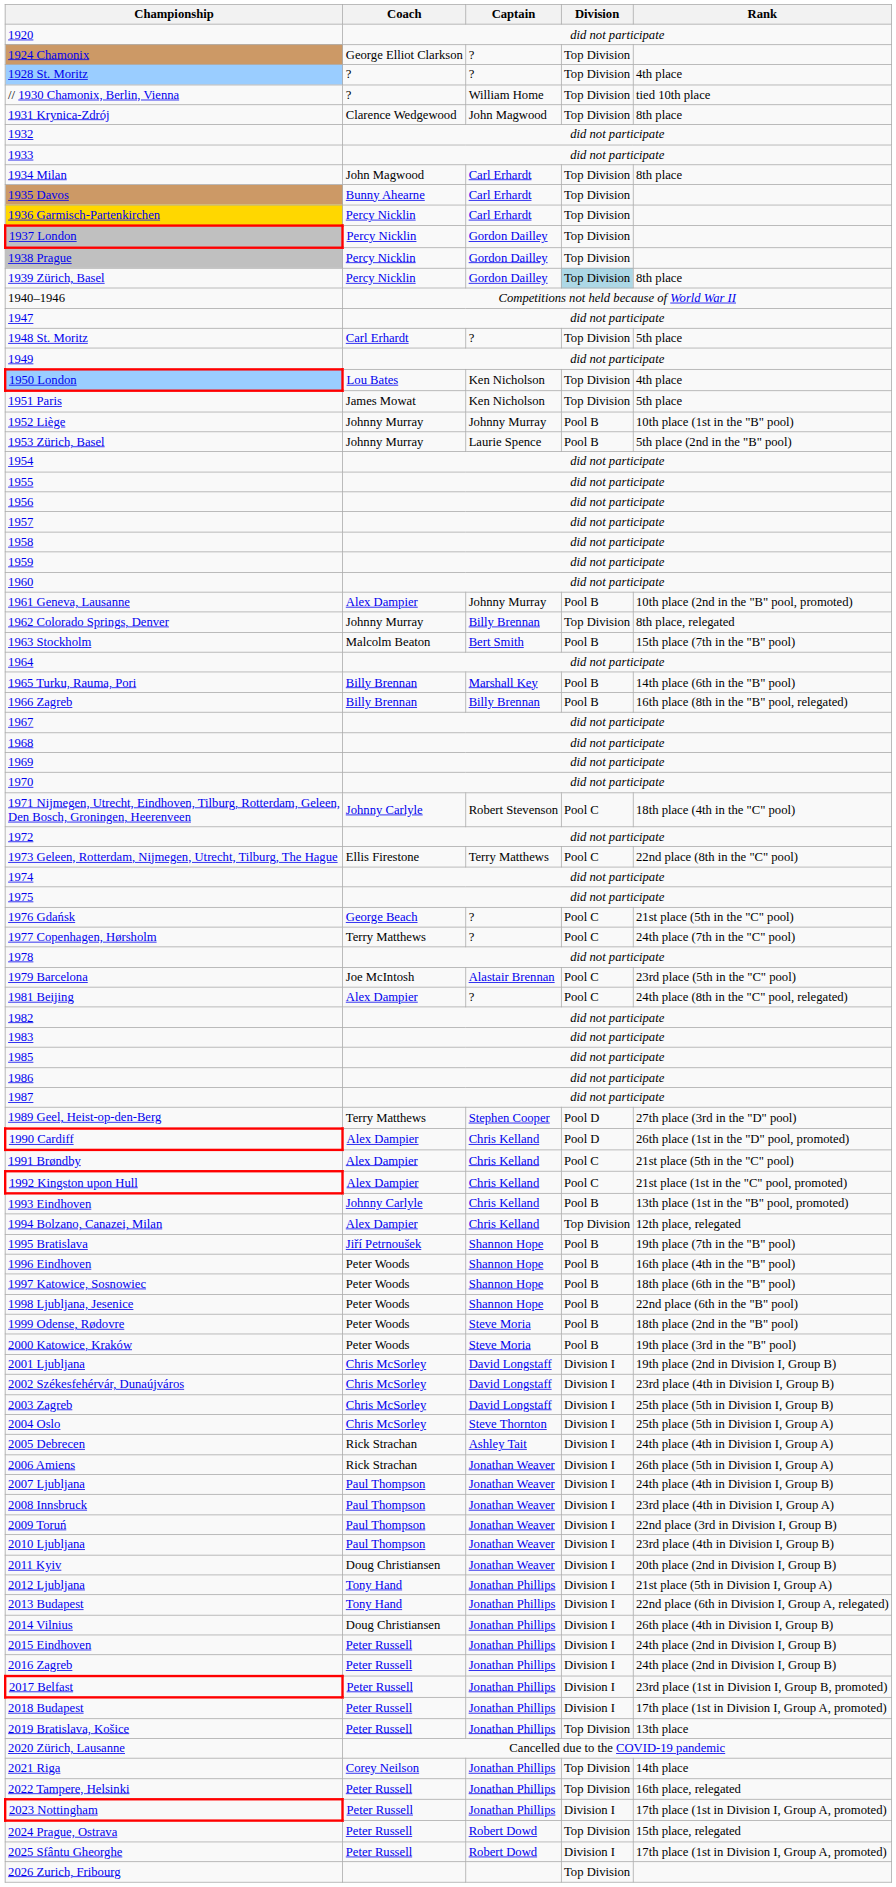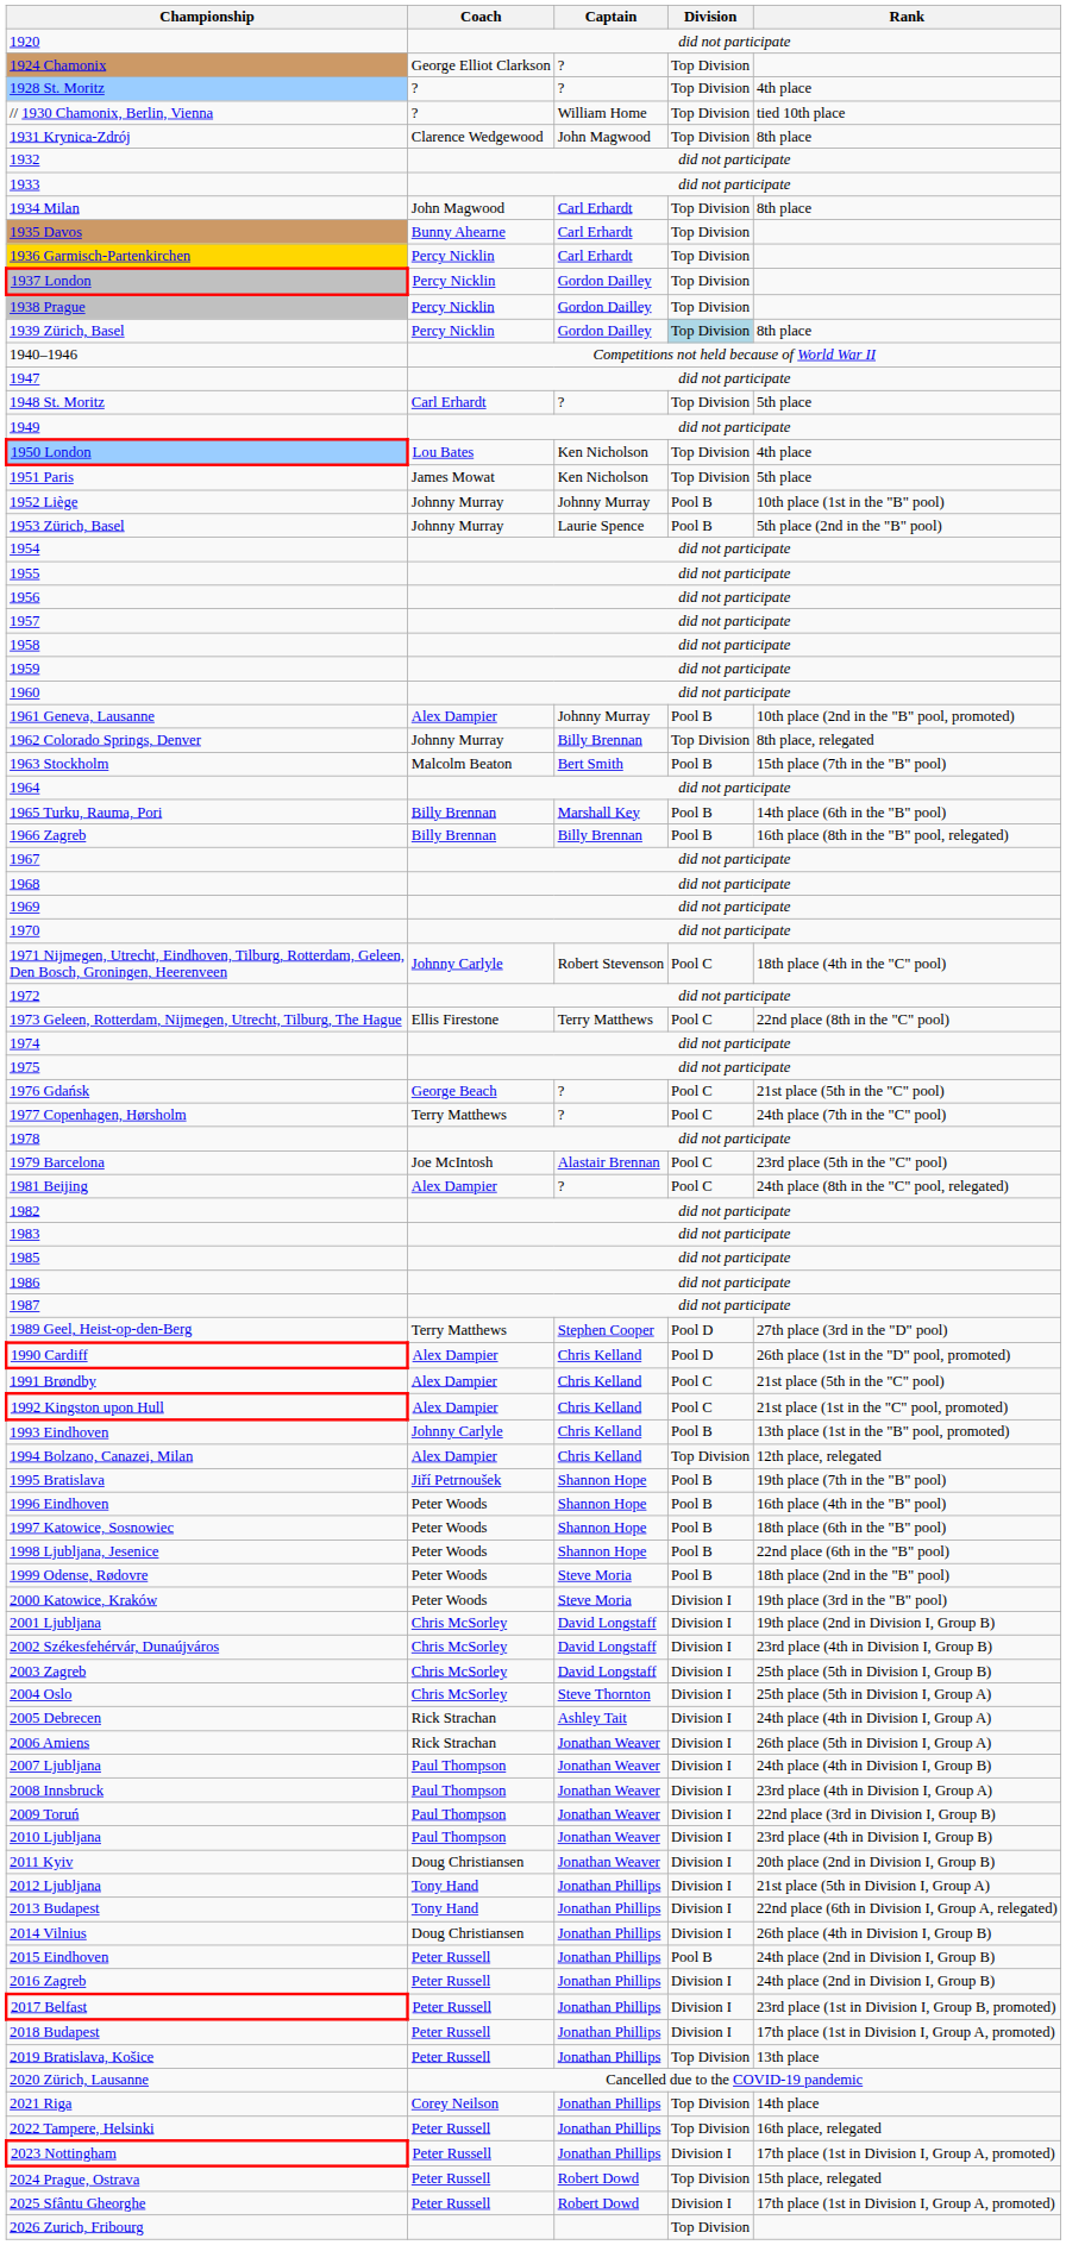 <table class="wikitable sortable">
 <tr>
 <th>Championship</th>
 <th>Coach</th>
 <th>Captain</th>
 <th>Division</th>
 <th>Rank</th>
 </tr>
 <tr>
 <td><a href='#'>1920</a></td>
 <td colspan=4 align="center"><em>did not participate</em></td>
 </tr>
 <tr>
 <td style="background:#c96;"> <a href='#'>1924 Chamonix</a></td>
 <td>George Elliot Clarkson</td>
 <td>?</td>
 <td>Top Division</td>
 <td></td>
 </tr>
 <tr>
 <td style="background:#9acdff;"> <a href='#'>1928 St. Moritz</a></td>
 <td>?</td>
 <td>?</td>
 <td>Top Division</td>
 <td>4th place</td>
 </tr>
 <tr>
 <td>// <a href='#'>1930 Chamonix, Berlin, Vienna</a></td>
 <td>?</td>
 <td>William Home</td>
 <td>Top Division</td>
 <td>tied 10th place</td>
 </tr>
 <tr>
 <td> <a href='#'>1931 Krynica-Zdrój</a></td>
 <td>Clarence Wedgewood</td>
 <td>John Magwood</td>
 <td>Top Division</td>
 <td>8th place</td>
 </tr>
 <tr>
 <td><a href='#'>1932</a></td>
 <td colspan=4 align="center"><em>did not participate</em></td>
 </tr>
 <tr>
 <td><a href='#'>1933</a></td>
 <td colspan=4 align="center"><em>did not participate</em></td>
 </tr>
 <tr>
 <td> <a href='#'>1934 Milan</a></td>
 <td>John Magwood</td>
 <td><a href='#'>Carl Erhardt</a></td>
 <td>Top Division</td>
 <td>8th place</td>
 </tr>
 <tr>
 <td style="background:#c96;"> <a href='#'>1935 Davos</a></td>
 <td><a href='#'>Bunny Ahearne</a></td>
 <td><a href='#'>Carl Erhardt</a></td>
 <td>Top Division</td>
 <td></td>
 </tr>
 <tr>
 <td bgcolor=gold> <a href='#'>1936 Garmisch-Partenkirchen</a></td>
 <td><a href='#'>Percy Nicklin</a></td>
 <td><a href='#'>Carl Erhardt</a></td>
 <td>Top Division</td>
 <td></td>
 </tr>
 <tr>
 <td style="border:3px solid red;background:#C0C0C0;"> <a href='#'>1937 London</a></td>
 <td><a href='#'>Percy Nicklin</a></td>
 <td><a href='#'>Gordon Dailley</a></td>
 <td>Top Division</td>
 <td></td>
 </tr>
 <tr>
 <td style="background:silver;"> <a href='#'>1938 Prague</a></td>
 <td><a href='#'>Percy Nicklin</a></td>
 <td><a href='#'>Gordon Dailley</a></td>
 <td>Top Division</td>
 <td></td>
 </tr>
 <tr>
 <td> <a href='#'>1939 Zürich, Basel</a></td>
 <td><a href='#'>Percy Nicklin</a></td>
 <td><a href='#'>Gordon Dailley</a></td>
 <td style="background: lightblue;">Top Division</td>
 <td>8th place</td>
 </tr>
 <tr>
 <td>1940–1946</td>
 <td colspan=4 align="center"><em>Competitions not held because of <a href='#'>World War II</a></em></td>
 </tr>
 <tr>
 <td><a href='#'>1947</a></td>
 <td colspan=4 align="center"><em>did not participate</em></td>
 </tr>
 <tr>
 <td> <a href='#'>1948 St. Moritz</a></td>
 <td><a href='#'>Carl Erhardt</a></td>
 <td>?</td>
 <td>Top Division</td>
 <td>5th place</td>
 </tr>
 <tr>
 <td><a href='#'>1949</a></td>
 <td colspan=4 align="center"><em>did not participate</em></td>
 </tr>
 <tr>
 <td style="border:3px solid red;background:#9acdff;"> <a href='#'>1950 London</a></td>
 <td><a href='#'>Lou Bates</a></td>
 <td>Ken Nicholson</td>
 <td>Top Division</td>
 <td>4th place</td>
 </tr>
 <tr>
 <td> <a href='#'>1951 Paris</a></td>
 <td>James Mowat</td>
 <td>Ken Nicholson</td>
 <td>Top Division</td>
 <td>5th place</td>
 </tr>
 <tr>
 <td> <a href='#'>1952 Liège</a></td>
 <td>Johnny Murray</td>
 <td>Johnny Murray</td>
 <td>Pool B</td>
 <td>10th place (1st in the "B" pool)</td>
 </tr>
 <tr>
 <td> <a href='#'>1953 Zürich, Basel</a></td>
 <td>Johnny Murray</td>
 <td>Laurie Spence</td>
 <td>Pool B</td>
 <td>5th place (2nd in the "B" pool)</td>
 </tr>
 <tr>
 <td><a href='#'>1954</a></td>
 <td colspan=4 align="center"><em>did not participate</em></td>
 </tr>
 <tr>
 <td><a href='#'>1955</a></td>
 <td colspan=4 align="center"><em>did not participate</em></td>
 </tr>
 <tr>
 <td><a href='#'>1956</a></td>
 <td colspan=4 align="center"><em>did not participate</em></td>
 </tr>
 <tr>
 <td><a href='#'>1957</a></td>
 <td colspan=4 align="center"><em>did not participate</em></td>
 </tr>
 <tr>
 <td><a href='#'>1958</a></td>
 <td colspan=4 align="center"><em>did not participate</em></td>
 </tr>
 <tr>
 <td><a href='#'>1959</a></td>
 <td colspan=4 align="center"><em>did not participate</em></td>
 </tr>
 <tr>
 <td><a href='#'>1960</a></td>
 <td colspan=4 align="center"><em>did not participate</em></td>
 </tr>
 <tr>
 <td> <a href='#'>1961 Geneva, Lausanne</a></td>
 <td><a href='#'>Alex Dampier</a></td>
 <td>Johnny Murray</td>
 <td>Pool B</td>
 <td>10th place (2nd in the "B" pool, promoted)</td>
 </tr>
 <tr>
 <td> <a href='#'>1962 Colorado Springs, Denver</a></td>
 <td>Johnny Murray</td>
 <td><a href='#'>Billy Brennan</a></td>
 <td>Top Division</td>
 <td>8th place, relegated</td>
 </tr>
 <tr>
 <td> <a href='#'>1963 Stockholm</a></td>
 <td>Malcolm Beaton</td>
 <td><a href='#'>Bert Smith</a></td>
 <td>Pool B</td>
 <td>15th place (7th in the "B" pool)</td>
 </tr>
 <tr>
 <td><a href='#'>1964</a></td>
 <td colspan=4 align="center"><em>did not participate</em></td>
 </tr>
 <tr>
 <td> <a href='#'>1965 Turku, Rauma, Pori</a></td>
 <td><a href='#'>Billy Brennan</a></td>
 <td><a href='#'>Marshall Key</a></td>
 <td>Pool B</td>
 <td>14th place (6th in the "B" pool)</td>
 </tr>
 <tr>
 <td> <a href='#'>1966 Zagreb</a></td>
 <td><a href='#'>Billy Brennan</a></td>
 <td><a href='#'>Billy Brennan</a></td>
 <td>Pool B</td>
 <td>16th place (8th in the "B" pool, relegated)</td>
 </tr>
 <tr>
 <td><a href='#'>1967</a></td>
 <td colspan=4 align="center"><em>did not participate</em></td>
 </tr>
 <tr>
 <td><a href='#'>1968</a></td>
 <td colspan=4 align="center"><em>did not participate</em></td>
 </tr>
 <tr>
 <td><a href='#'>1969</a></td>
 <td colspan=4 align="center"><em>did not participate</em></td>
 </tr>
 <tr>
 <td><a href='#'>1970</a></td>
 <td colspan=4 align="center"><em>did not participate</em></td>
 </tr>
 <tr>
 <td> <a href='#'>1971 Nijmegen, Utrecht, Eindhoven, Tilburg, Rotterdam, Geleen,<br>Den Bosch, Groningen, Heerenveen</a></td>
 <td><a href='#'>Johnny Carlyle</a></td>
 <td>Robert Stevenson</td>
 <td>Pool C</td>
 <td>18th place (4th in the "C" pool)</td>
 </tr>
 <tr>
 <td><a href='#'>1972</a></td>
 <td colspan=4 align="center"><em>did not participate</em></td>
 </tr>
 <tr>
 <td> <a href='#'>1973 Geleen, Rotterdam, Nijmegen, Utrecht, Tilburg, The Hague</a></td>
 <td>Ellis Firestone</td>
 <td>Terry Matthews</td>
 <td>Pool C</td>
 <td>22nd place (8th in the "C" pool)</td>
 </tr>
 <tr>
 <td><a href='#'>1974</a></td>
 <td colspan=4 align="center"><em>did not participate</em></td>
 </tr>
 <tr>
 <td><a href='#'>1975</a></td>
 <td colspan=4 align="center"><em>did not participate</em></td>
 </tr>
 <tr>
 <td> <a href='#'>1976 Gdańsk</a></td>
 <td><a href='#'>George Beach</a></td>
 <td>?</td>
 <td>Pool C</td>
 <td>21st place (5th in the "C" pool)</td>
 </tr>
 <tr>
 <td> <a href='#'>1977 Copenhagen, Hørsholm</a></td>
 <td>Terry Matthews</td>
 <td>?</td>
 <td>Pool C</td>
 <td>24th place (7th in the "C" pool)</td>
 </tr>
 <tr>
 <td><a href='#'>1978</a></td>
 <td colspan=4 align="center"><em>did not participate</em></td>
 </tr>
 <tr>
 <td> <a href='#'>1979 Barcelona</a></td>
 <td>Joe McIntosh</td>
 <td><a href='#'>Alastair Brennan</a></td>
 <td>Pool C</td>
 <td>23rd place (5th in the "C" pool)</td>
 </tr>
 <tr>
 <td> <a href='#'>1981 Beijing</a></td>
 <td><a href='#'>Alex Dampier</a></td>
 <td>?</td>
 <td>Pool C</td>
 <td>24th place (8th in the "C" pool, relegated)</td>
 </tr>
 <tr>
 <td><a href='#'>1982</a></td>
 <td colspan=4 align="center"><em>did not participate</em></td>
 </tr>
 <tr>
 <td><a href='#'>1983</a></td>
 <td colspan=4 align="center"><em>did not participate</em></td>
 </tr>
 <tr>
 <td><a href='#'>1985</a></td>
 <td colspan=4 align="center"><em>did not participate</em></td>
 </tr>
 <tr>
 <td><a href='#'>1986</a></td>
 <td colspan=4 align="center"><em>did not participate</em></td>
 </tr>
 <tr>
 <td><a href='#'>1987</a></td>
 <td colspan=4 align="center"><em>did not participate</em></td>
 </tr>
 <tr>
 <td> <a href='#'>1989 Geel, Heist-op-den-Berg</a></td>
 <td>Terry Matthews</td>
 <td><a href='#'>Stephen Cooper</a></td>
 <td>Pool D</td>
 <td>27th place (3rd in the "D" pool)</td>
 </tr>
 <tr>
 <td style="border:3px solid red;"> <a href='#'>1990 Cardiff</a></td>
 <td><a href='#'>Alex Dampier</a></td>
 <td><a href='#'>Chris Kelland</a></td>
 <td>Pool D</td>
 <td>26th place (1st in the "D" pool, promoted)</td>
 </tr>
 <tr>
 <td> <a href='#'>1991 Brøndby</a></td>
 <td><a href='#'>Alex Dampier</a></td>
 <td><a href='#'>Chris Kelland</a></td>
 <td>Pool C</td>
 <td>21st place (5th in the "C" pool)</td>
 </tr>
 <tr>
 <td style="border:3px solid red;"> <a href='#'>1992 Kingston upon Hull</a></td>
 <td><a href='#'>Alex Dampier</a></td>
 <td><a href='#'>Chris Kelland</a></td>
 <td>Pool C</td>
 <td>21st place (1st in the "C" pool, promoted)</td>
 </tr>
 <tr>
 <td> <a href='#'>1993 Eindhoven</a></td>
 <td><a href='#'>Johnny Carlyle</a></td>
 <td><a href='#'>Chris Kelland</a></td>
 <td>Pool B</td>
 <td>13th place (1st in the "B" pool, promoted)</td>
 </tr>
 <tr>
 <td> <a href='#'>1994 Bolzano, Canazei, Milan</a></td>
 <td><a href='#'>Alex Dampier</a></td>
 <td><a href='#'>Chris Kelland</a></td>
 <td>Top Division</td>
 <td>12th place, relegated</td>
 </tr>
 <tr>
 <td> <a href='#'>1995 Bratislava</a></td>
 <td><a href='#'>Jiří Petrnoušek</a></td>
 <td><a href='#'>Shannon Hope</a></td>
 <td>Pool B</td>
 <td>19th place (7th in the "B" pool)</td>
 </tr>
 <tr>
 <td> <a href='#'>1996 Eindhoven</a></td>
 <td>Peter Woods</td>
 <td><a href='#'>Shannon Hope</a></td>
 <td>Pool B</td>
 <td>16th place (4th in the "B" pool)</td>
 </tr>
 <tr>
 <td> <a href='#'>1997 Katowice, Sosnowiec</a></td>
 <td>Peter Woods</td>
 <td><a href='#'>Shannon Hope</a></td>
 <td>Pool B</td>
 <td>18th place (6th in the "B" pool)</td>
 </tr>
 <tr>
 <td> <a href='#'>1998 Ljubljana, Jesenice</a></td>
 <td>Peter Woods</td>
 <td><a href='#'>Shannon Hope</a></td>
 <td>Pool B</td>
 <td>22nd place (6th in the "B" pool)</td>
 </tr>
 <tr>
 <td> <a href='#'>1999 Odense, Rødovre</a></td>
 <td>Peter Woods</td>
 <td><a href='#'>Steve Moria</a></td>
 <td>Pool B</td>
 <td>18th place (2nd in the "B" pool)</td>
 </tr>
 <tr>
 <td> <a href='#'>2000 Katowice, Kraków</a></td>
 <td>Peter Woods</td>
 <td><a href='#'>Steve Moria</a></td>
-<td>Pool B</td>
+<td>Division I</td>
 <td>19th place (3rd in the "B" pool)</td>
 </tr>
 <tr>
 <td> <a href='#'>2001 Ljubljana</a></td>
 <td><a href='#'>Chris McSorley</a></td>
 <td><a href='#'>David Longstaff</a></td>
 <td>Division I</td>
 <td>19th place (2nd in Division I, Group B)</td>
 </tr>
 <tr>
 <td> <a href='#'>2002 Székesfehérvár, Dunaújváros</a></td>
 <td><a href='#'>Chris McSorley</a></td>
 <td><a href='#'>David Longstaff</a></td>
 <td>Division I</td>
 <td>23rd place (4th in Division I, Group B)</td>
 </tr>
 <tr>
 <td> <a href='#'>2003 Zagreb</a></td>
 <td><a href='#'>Chris McSorley</a></td>
 <td><a href='#'>David Longstaff</a></td>
 <td>Division I</td>
 <td>25th place (5th in Division I, Group B)</td>
 </tr>
 <tr>
 <td> <a href='#'>2004 Oslo</a></td>
 <td><a href='#'>Chris McSorley</a></td>
 <td><a href='#'>Steve Thornton</a></td>
 <td>Division I</td>
 <td>25th place (5th in Division I, Group A)</td>
 </tr>
 <tr>
 <td> <a href='#'>2005 Debrecen</a></td>
 <td>Rick Strachan</td>
 <td><a href='#'>Ashley Tait</a></td>
 <td>Division I</td>
 <td>24th place (4th in Division I, Group A)</td>
 </tr>
 <tr>
 <td> <a href='#'>2006 Amiens</a></td>
 <td>Rick Strachan</td>
 <td><a href='#'>Jonathan Weaver</a></td>
 <td>Division I</td>
 <td>26th place (5th in Division I, Group A)</td>
 </tr>
 <tr>
 <td> <a href='#'>2007 Ljubljana</a></td>
 <td><a href='#'>Paul Thompson</a></td>
 <td><a href='#'>Jonathan Weaver</a></td>
 <td>Division I</td>
 <td>24th place (4th in Division I, Group B)</td>
 </tr>
 <tr>
 <td> <a href='#'>2008 Innsbruck</a></td>
 <td><a href='#'>Paul Thompson</a></td>
 <td><a href='#'>Jonathan Weaver</a></td>
 <td>Division I</td>
 <td>23rd place (4th in Division I, Group A)</td>
 </tr>
 <tr>
 <td> <a href='#'>2009 Toruń</a></td>
 <td><a href='#'>Paul Thompson</a></td>
 <td><a href='#'>Jonathan Weaver</a></td>
 <td>Division I</td>
 <td>22nd place (3rd in Division I, Group B)</td>
 </tr>
 <tr>
 <td> <a href='#'>2010 Ljubljana</a></td>
 <td><a href='#'>Paul Thompson</a></td>
 <td><a href='#'>Jonathan Weaver</a></td>
 <td>Division I</td>
 <td>23rd place (4th in Division I, Group B)</td>
 </tr>
 <tr>
 <td> <a href='#'>2011 Kyiv</a></td>
 <td>Doug Christiansen</td>
 <td><a href='#'>Jonathan Weaver</a></td>
 <td>Division I</td>
 <td>20th place (2nd in Division I, Group B)</td>
 </tr>
 <tr>
 <td> <a href='#'>2012 Ljubljana</a></td>
 <td><a href='#'>Tony Hand</a></td>
 <td><a href='#'>Jonathan Phillips</a></td>
 <td>Division I</td>
 <td>21st place (5th in Division I, Group A)</td>
 </tr>
 <tr>
 <td> <a href='#'>2013  Budapest</a></td>
 <td><a href='#'>Tony Hand</a></td>
 <td><a href='#'>Jonathan Phillips</a></td>
 <td>Division I</td>
 <td>22nd place (6th in Division I, Group A, relegated)</td>
 </tr>
 <tr>
 <td> <a href='#'>2014 Vilnius</a></td>
 <td>Doug Christiansen</td>
 <td><a href='#'>Jonathan Phillips</a></td>
 <td>Division I</td>
 <td>26th place (4th in Division I, Group B)</td>
 </tr>
 <tr>
 <td> <a href='#'>2015 Eindhoven</a></td>
 <td><a href='#'>Peter Russell</a></td>
 <td><a href='#'>Jonathan Phillips</a></td>
-<td>Division I</td>
+<td>Pool B</td>
 <td>24th place (2nd in Division I, Group B)</td>
 </tr>
 <tr>
 <td> <a href='#'>2016 Zagreb</a></td>
 <td><a href='#'>Peter Russell</a></td>
 <td><a href='#'>Jonathan Phillips</a></td>
 <td>Division I</td>
 <td>24th place (2nd in Division I, Group B)</td>
 </tr>
 <tr>
 <td style="border:3px solid red;"> <a href='#'>2017 Belfast</a></td>
 <td><a href='#'>Peter Russell</a></td>
 <td><a href='#'>Jonathan Phillips</a></td>
 <td>Division I</td>
 <td>23rd place (1st in Division I, Group B, promoted)</td>
 </tr>
 <tr>
 <td> <a href='#'>2018 Budapest</a></td>
 <td><a href='#'>Peter Russell</a></td>
 <td><a href='#'>Jonathan Phillips</a></td>
 <td>Division I</td>
 <td>17th place (1st in Division I, Group A, promoted)</td>
 </tr>
 <tr>
 <td> <a href='#'>2019 Bratislava, Košice</a></td>
 <td><a href='#'>Peter Russell</a></td>
 <td><a href='#'>Jonathan Phillips</a></td>
 <td>Top Division</td>
 <td>13th place</td>
 </tr>
 <tr>
 <td> <a href='#'>2020 Zürich, Lausanne</a></td>
 <td colspan=4 align=center>Cancelled due to the <a href='#'>COVID-19 pandemic</a></td>
 </tr>
 <tr>
 <td> <a href='#'>2021 Riga</a></td>
 <td><a href='#'>Corey Neilson</a></td>
 <td><a href='#'>Jonathan Phillips</a></td>
 <td>Top Division</td>
 <td>14th place</td>
 </tr>
 <tr>
 <td> <a href='#'>2022 Tampere, Helsinki</a></td>
 <td><a href='#'>Peter Russell</a></td>
 <td><a href='#'>Jonathan Phillips</a></td>
 <td>Top Division</td>
 <td>16th place, relegated</td>
 </tr>
 <tr>
 <td style="border:3px solid red;"> <a href='#'>2023 Nottingham</a></td>
 <td><a href='#'>Peter Russell</a></td>
 <td><a href='#'>Jonathan Phillips</a></td>
 <td>Division I</td>
 <td>17th place (1st in Division I, Group A, promoted)</td>
 </tr>
 <tr>
 <td> <a href='#'>2024 Prague, Ostrava</a></td>
 <td><a href='#'>Peter Russell</a></td>
 <td><a href='#'>Robert Dowd</a></td>
 <td>Top Division</td>
 <td>15th place, relegated</td>
 </tr>
 <tr>
 <td> <a href='#'>2025 Sfântu Gheorghe</a></td>
 <td><a href='#'>Peter Russell</a></td>
 <td><a href='#'>Robert Dowd</a></td>
 <td>Division I</td>
 <td>17th place (1st in Division I, Group A, promoted)</td>
 </tr>
 <tr>
 <td> <a href='#'>2026 Zurich, Fribourg</a></td>
 <td></td>
 <td></td>
 <td>Top Division</td>
 <td></td>
 </tr>
 </table>
